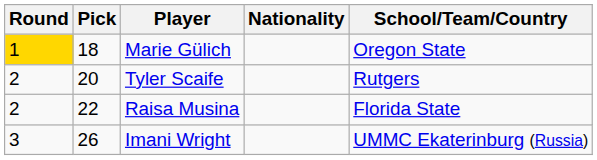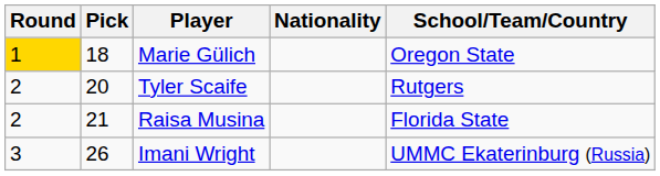 <table class="wikitable">
 <tr>
 <th>Round</th>
 <th>Pick</th>
 <th>Player</th>
 <th>Nationality</th>
 <th>School/Team/Country</th>
 </tr>
 <tr>
 <td style="background: gold;">1</td>
 <td>18</td>
 <td><a href='#'>Marie Gülich</a></td>
 <td></td>
 <td><a href='#'>Oregon State</a></td>
 </tr>
 <tr>
 <td>2</td>
 <td>20</td>
 <td><a href='#'>Tyler Scaife</a></td>
 <td></td>
 <td><a href='#'>Rutgers</a></td>
 </tr>
 <tr>
 <td>2</td>
-<td>22</td>
+<td>21</td>
 <td><a href='#'>Raisa Musina</a></td>
 <td></td>
 <td><a href='#'>Florida State</a></td>
 </tr>
 <tr>
 <td>3</td>
 <td>26</td>
 <td><a href='#'>Imani Wright</a></td>
 <td></td>
 <td><a href='#'>UMMC Ekaterinburg</a> <small>(<a href='#'>Russia</a>)</small></td>
 </tr>
 </table>
